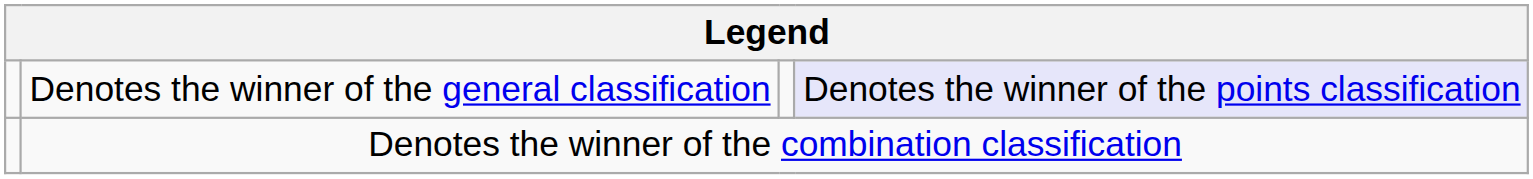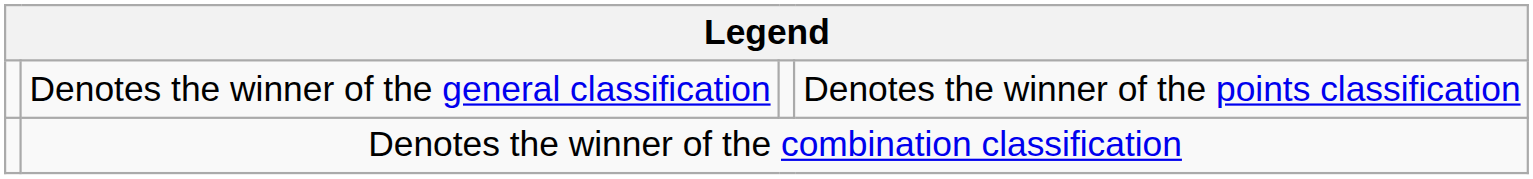 <table class="wikitable">
 <tr>
 <th scope="col" colspan="4">Legend</th>
 </tr>
 <tr>
 <td></td>
 <td>Denotes the winner of the <a href='#'>general classification</a></td>
 <td></td>
-<td style="background: lavender;">Denotes the winner of the <a href='#'>points classification</a></td>
+<td>Denotes the winner of the <a href='#'>points classification</a></td>
 </tr>
 <tr>
 <td></td>
 <td colspan="4" style="text-align:center;">Denotes the winner of the <a href='#'>combination classification</a></td>
 </tr>
 </table>
